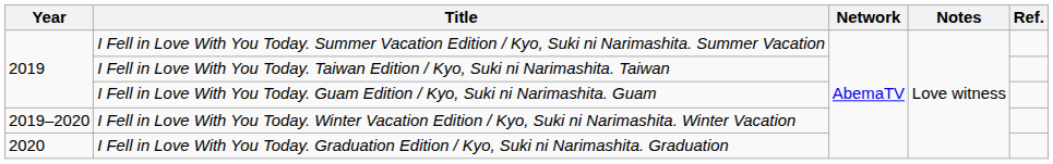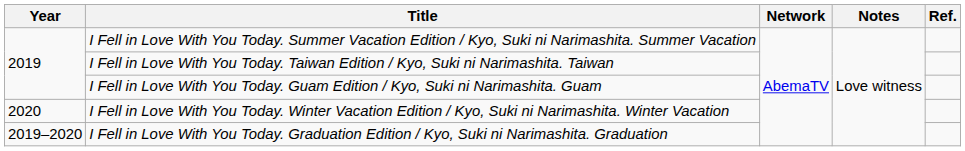 <table class="wikitable">
 <tr>
 <th>Year</th>
 <th>Title</th>
 <th>Network</th>
 <th>Notes</th>
 <th>Ref.</th>
 </tr>
 <tr>
 <td rowspan="3">2019</td>
 <td><em>I Fell in Love With You Today. Summer Vacation Edition / Kyo, Suki ni Narimashita. Summer Vacation</em></td>
 <td rowspan="5"><a href='#'>AbemaTV</a></td>
 <td rowspan="5">Love witness</td>
 <td></td>
 </tr>
 <tr>
 <td><em>I Fell in Love With You Today. Taiwan Edition / Kyo, Suki ni Narimashita. Taiwan</em></td>
 <td></td>
 </tr>
 <tr>
 <td><em>I Fell in Love With You Today. Guam Edition / Kyo, Suki ni Narimashita. Guam</em></td>
 <td></td>
 </tr>
 <tr>
-<td>2019–2020</td>
+<td>2020</td>
 <td><em>I Fell in Love With You Today. Winter Vacation Edition / Kyo, Suki ni Narimashita. Winter Vacation</em></td>
 <td></td>
 </tr>
 <tr>
-<td>2020</td>
+<td>2019–2020</td>
 <td><em>I Fell in Love With You Today. Graduation Edition / Kyo, Suki ni Narimashita. Graduation</em></td>
 <td></td>
 </tr>
 </table>
